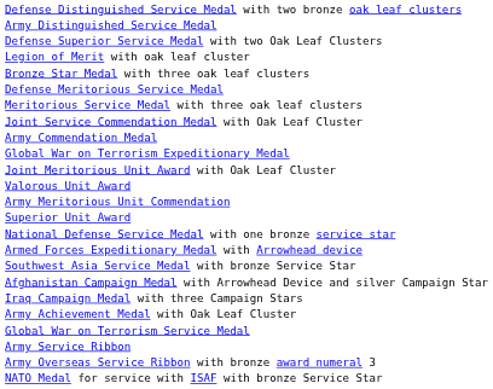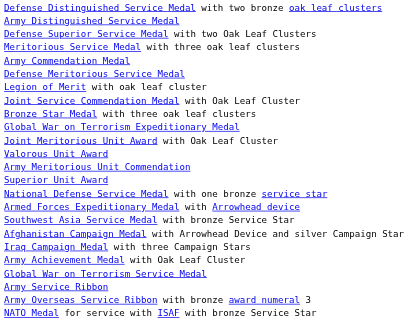 <table>
 <tr>
 <td><span></span><span></span> <a href='#'>Defense Distinguished Service Medal</a> with two bronze <a href='#'>oak leaf clusters</a></td>
 </tr>
 <tr>
 <td> <a href='#'>Army Distinguished Service Medal</a></td>
 </tr>
 <tr>
 <td><span></span><span></span> <a href='#'>Defense Superior Service Medal</a> with two Oak Leaf Clusters</td>
 </tr>
 <tr>
-<td> <a href='#'>Legion of Merit</a> with oak leaf cluster</td>
+<td><span></span><span></span><span></span> <a href='#'>Meritorious Service Medal</a> with three oak leaf clusters</td>
 </tr>
 <tr>
-<td><span></span><span></span><span></span> <a href='#'>Bronze Star Medal</a> with three oak leaf clusters</td>
+<td> <a href='#'>Army Commendation Medal</a></td>
 </tr>
 <tr>
 <td> <a href='#'>Defense Meritorious Service Medal</a></td>
 </tr>
 <tr>
-<td><span></span><span></span><span></span> <a href='#'>Meritorious Service Medal</a> with three oak leaf clusters</td>
+<td> <a href='#'>Legion of Merit</a> with oak leaf cluster</td>
 </tr>
 <tr>
 <td> <a href='#'>Joint Service Commendation Medal</a> with Oak Leaf Cluster</td>
 </tr>
 <tr>
-<td> <a href='#'>Army Commendation Medal</a></td>
+<td><span></span><span></span><span></span> <a href='#'>Bronze Star Medal</a> with three oak leaf clusters</td>
 </tr>
 <tr>
 <td> <a href='#'>Global War on Terrorism Expeditionary Medal</a></td>
 </tr>
 <tr>
 <td> <a href='#'>Joint Meritorious Unit Award</a> with Oak Leaf Cluster</td>
 </tr>
 <tr>
 <td> <a href='#'>Valorous Unit Award</a></td>
 </tr>
 <tr>
 <td> <a href='#'>Army Meritorious Unit Commendation</a></td>
 </tr>
 <tr>
 <td> <a href='#'>Superior Unit Award</a></td>
 </tr>
 <tr>
 <td> <a href='#'>National Defense Service Medal</a> with one bronze <a href='#'>service star</a></td>
 </tr>
 <tr>
 <td> <a href='#'>Armed Forces Expeditionary Medal</a> with <a href='#'>Arrowhead device</a></td>
 </tr>
 <tr>
 <td> <a href='#'>Southwest Asia Service Medal</a> with bronze Service Star</td>
 </tr>
 <tr>
 <td><span></span><span></span> <a href='#'>Afghanistan Campaign Medal</a> with Arrowhead Device and silver Campaign Star</td>
 </tr>
 <tr>
 <td><span></span><span></span><span></span> <a href='#'>Iraq Campaign Medal</a> with three Campaign Stars</td>
 </tr>
 <tr>
 <td> <a href='#'>Army Achievement Medal</a> with Oak Leaf Cluster</td>
 </tr>
 <tr>
 <td> <a href='#'>Global War on Terrorism Service Medal</a></td>
 </tr>
 <tr>
 <td> <a href='#'>Army Service Ribbon</a></td>
 </tr>
 <tr>
 <td><span></span> <a href='#'>Army Overseas Service Ribbon</a> with bronze <a href='#'>award numeral</a> 3</td>
 </tr>
 <tr>
 <td> <a href='#'>NATO Medal</a> for service with <a href='#'>ISAF</a> with bronze Service Star</td>
 </tr>
 </table>
